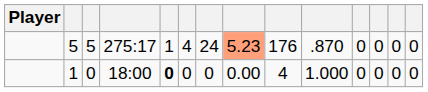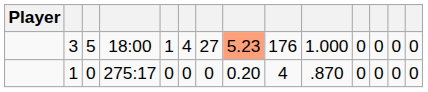 <table class="wikitable sortable" style="text-align:center;">
 <tr>
 <th>Player</th>
 <th></th>
 <th></th>
 <th></th>
 <th></th>
 <th></th>
 <th></th>
 <th></th>
 <th></th>
 <th></th>
 <th></th>
 <th></th>
 <th></th>
 <th></th>
 </tr>
 <tr>
 <td></td>
+<td>3</td>
 <td>5</td>
-<td>5</td>
-<td>275:17</td>
+<td>18:00</td>
 <td>1</td>
 <td>4</td>
-<td>24</td>
+<td>27</td>
 <td style="background: lightsalmon;">5.23</td>
 <td>176</td>
-<td>.870</td>
+<td>1.000</td>
 <td>0</td>
 <td>0</td>
 <td>0</td>
 <td>0</td>
 </tr>
 <tr>
 <td></td>
 <td>1</td>
 <td>0</td>
-<td>18:00</td>
-<td><strong>0</strong></td>
+<td>275:17</td>
 <td>0</td>
 <td>0</td>
-<td>0.00</td>
+<td>0</td>
+<td>0.20</td>
 <td>4</td>
-<td>1.000</td>
+<td>.870</td>
 <td>0</td>
 <td>0</td>
 <td>0</td>
 <td>0</td>
 </tr>
 </table>
